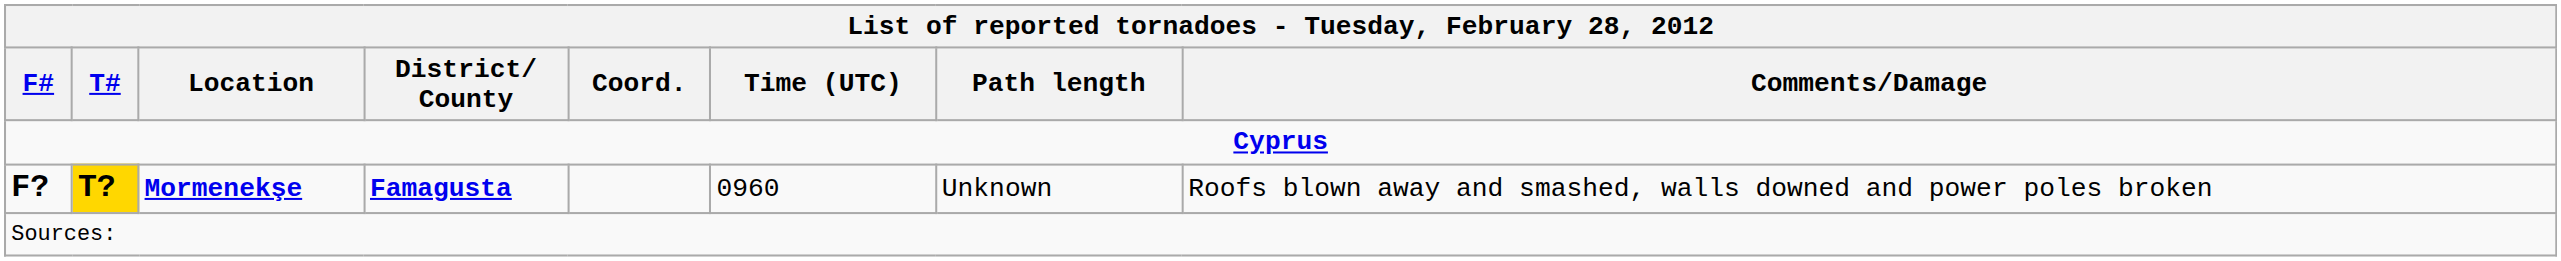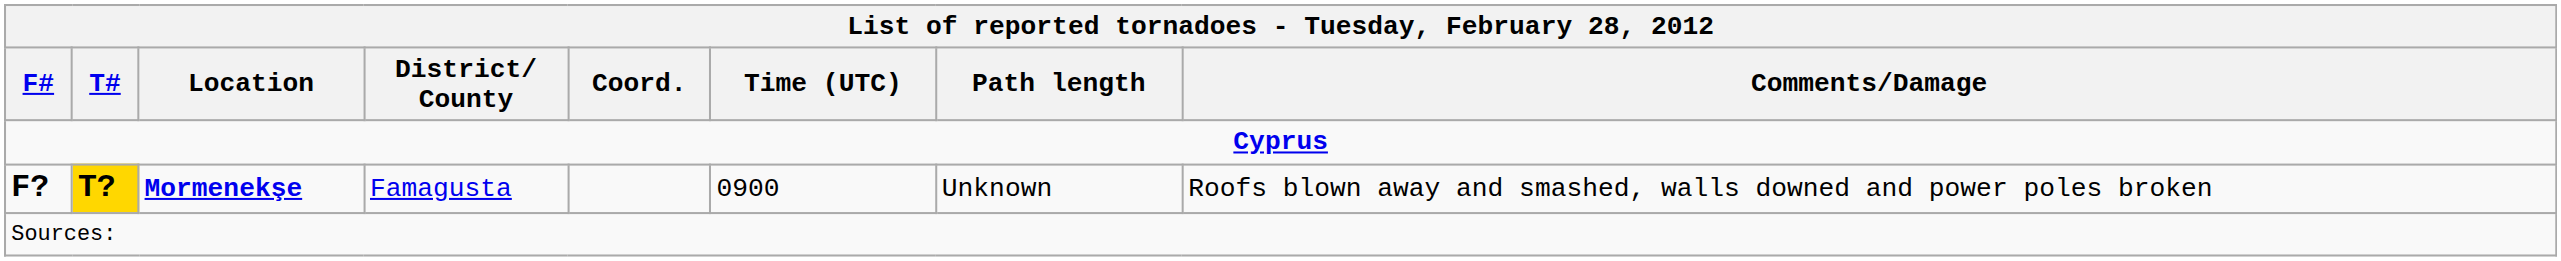 <table class="wikitable collapsible" width="100%">
 <tr>
 <th colspan="8">List of reported tornadoes - Tuesday, February 28, 2012</th>
 </tr>
 <tr>
 <th><a href='#'>F#</a></th>
 <th><a href='#'>T#</a></th>
 <th>Location</th>
 <th>District/<br>County</th>
 <th>Coord.</th>
 <th>Time (UTC)</th>
 <th>Path length</th>
 <th>Comments/Damage</th>
 </tr>
 <tr>
 <td colspan="8" align=center><strong><a href='#'>Cyprus</a></strong></td>
 </tr>
 <tr>
 <td><big><strong>F?</strong></big></td>
 <td style="background: gold;"><big><strong>T?</strong></big></td>
 <td><strong><a href='#'>Mormenekşe</a></strong></td>
-<td><strong><a href='#'>Famagusta</a></strong></td>
+<td><a href='#'>Famagusta</a></td>
 <td></td>
-<td>0960</td>
+<td>0900</td>
 <td>Unknown</td>
 <td>Roofs blown away and smashed, walls downed and power poles broken</td>
 </tr>
 <tr>
 <td colspan="8"><small>Sources:  </small></td>
 </tr>
 </table>
